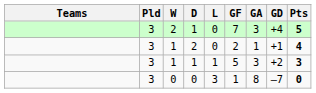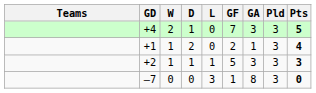 <table class="wikitable" style="text-align: center;">
 <tr>
 <th width=165>Teams</th>
-<th width=20>Pld</th>
+<th width=20>GD</th>
 <th width=20>W</th>
 <th width=20>D</th>
 <th width=20>L</th>
 <th width=20>GF</th>
 <th width=20>GA</th>
-<th width=20>GD</th>
+<th width=20>Pld</th>
 <th width=20>Pts</th>
 </tr>
 <tr align=center style="background:#ccffcc;">
 <td style="text-align:left;"></td>
-<td>3</td>
+<td>+4</td>
 <td>2</td>
 <td>1</td>
 <td>0</td>
 <td>7</td>
 <td>3</td>
-<td>+4</td>
+<td>3</td>
 <td><strong>5</strong></td>
 </tr>
 <tr align=center>
 <td style="text-align:left;"></td>
-<td>3</td>
+<td>+1</td>
 <td>1</td>
 <td>2</td>
 <td>0</td>
 <td>2</td>
 <td>1</td>
-<td>+1</td>
+<td>3</td>
 <td><strong>4</strong></td>
 </tr>
 <tr align=center>
 <td style="text-align:left;"></td>
-<td>3</td>
+<td>+2</td>
 <td>1</td>
 <td>1</td>
 <td>1</td>
 <td>5</td>
 <td>3</td>
-<td>+2</td>
+<td>3</td>
 <td><strong>3</strong></td>
 </tr>
 <tr align=center>
 <td style="text-align:left;"></td>
-<td>3</td>
+<td>–7</td>
 <td>0</td>
 <td>0</td>
 <td>3</td>
 <td>1</td>
 <td>8</td>
-<td>–7</td>
+<td>3</td>
 <td><strong>0</strong></td>
 </tr>
 </table>
